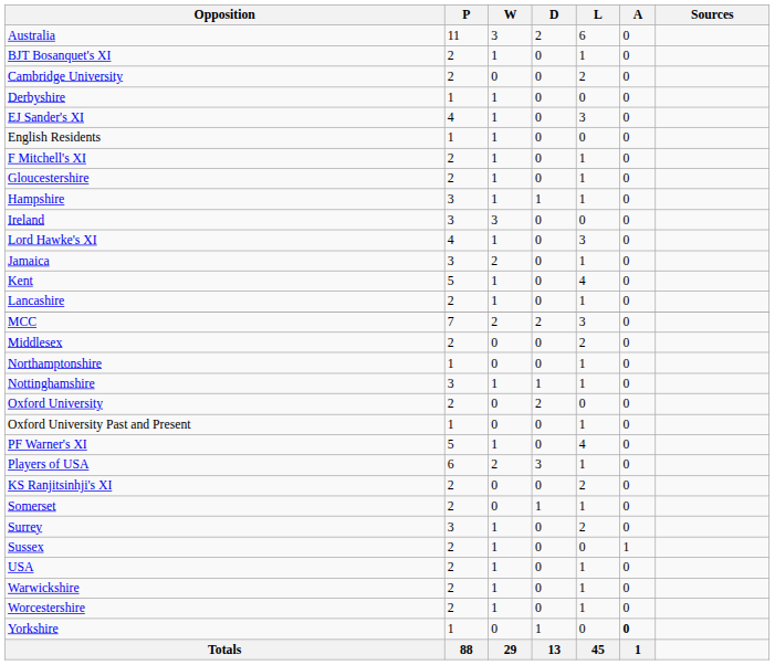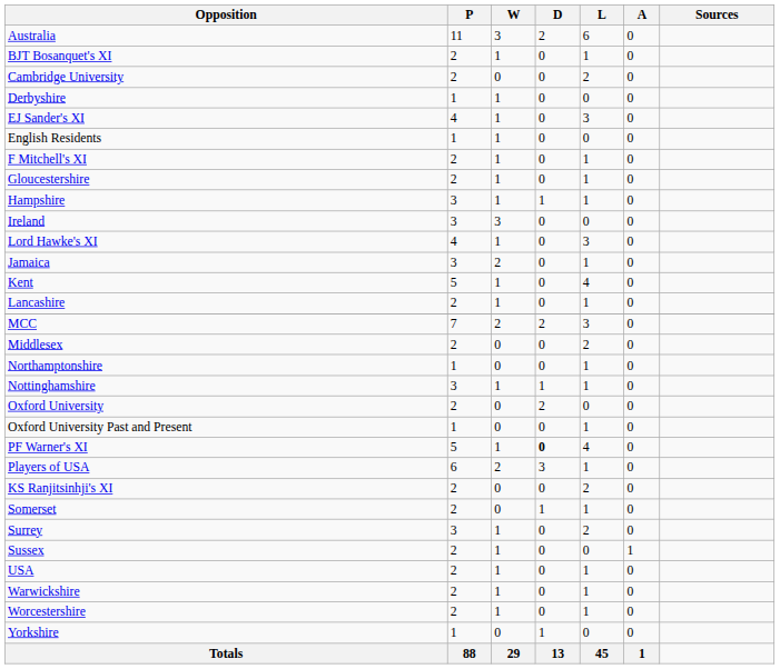 <table class="wikitable" width="75%">
 <tr bgcolor="#efefef">
 <th>Opposition</th>
 <th>P</th>
 <th>W</th>
 <th>D</th>
 <th>L</th>
 <th>A</th>
 <th>Sources</th>
 </tr>
 <tr>
 <td><a href='#'>Australia</a></td>
 <td>11</td>
 <td>3</td>
 <td>2</td>
 <td>6</td>
 <td>0</td>
 <td>          </td>
 </tr>
 <tr>
 <td><a href='#'>BJT Bosanquet's XI</a></td>
 <td>2</td>
 <td>1</td>
 <td>0</td>
 <td>1</td>
 <td>0</td>
 <td> </td>
 </tr>
 <tr>
 <td><a href='#'>Cambridge University</a></td>
 <td>2</td>
 <td>0</td>
 <td>0</td>
 <td>2</td>
 <td>0</td>
 <td> </td>
 </tr>
 <tr>
 <td><a href='#'>Derbyshire</a></td>
 <td>1</td>
 <td>1</td>
 <td>0</td>
 <td>0</td>
 <td>0</td>
 <td></td>
 </tr>
 <tr>
 <td><a href='#'>EJ Sander's XI</a></td>
 <td>4</td>
 <td>1</td>
 <td>0</td>
 <td>3</td>
 <td>0</td>
 <td>   </td>
 </tr>
 <tr>
 <td>English Residents</td>
 <td>1</td>
 <td>1</td>
 <td>0</td>
 <td>0</td>
 <td>0</td>
 <td></td>
 </tr>
 <tr>
 <td><a href='#'>F Mitchell's XI</a></td>
 <td>2</td>
 <td>1</td>
 <td>0</td>
 <td>1</td>
 <td>0</td>
 <td> </td>
 </tr>
 <tr>
 <td><a href='#'>Gloucestershire</a></td>
 <td>2</td>
 <td>1</td>
 <td>0</td>
 <td>1</td>
 <td>0</td>
 <td> </td>
 </tr>
 <tr>
 <td><a href='#'>Hampshire</a></td>
 <td>3</td>
 <td>1</td>
 <td>1</td>
 <td>1</td>
 <td>0</td>
 <td>  </td>
 </tr>
 <tr>
 <td><a href='#'>Ireland</a></td>
 <td>3</td>
 <td>3</td>
 <td>0</td>
 <td>0</td>
 <td>0</td>
 <td>  </td>
 </tr>
 <tr>
 <td><a href='#'>Lord Hawke's XI</a></td>
 <td>4</td>
 <td>1</td>
 <td>0</td>
 <td>3</td>
 <td>0</td>
 <td>   </td>
 </tr>
 <tr>
 <td><a href='#'>Jamaica</a></td>
 <td>3</td>
 <td>2</td>
 <td>0</td>
 <td>1</td>
 <td>0</td>
 <td>  </td>
 </tr>
 <tr>
 <td><a href='#'>Kent</a></td>
 <td>5</td>
 <td>1</td>
 <td>0</td>
 <td>4</td>
 <td>0</td>
 <td>    </td>
 </tr>
 <tr>
 <td><a href='#'>Lancashire</a></td>
 <td>2</td>
 <td>1</td>
 <td>0</td>
 <td>1</td>
 <td>0</td>
 <td> </td>
 </tr>
 <tr>
 </tr>
 <tr>
 <td><a href='#'>MCC</a></td>
 <td>7</td>
 <td>2</td>
 <td>2</td>
 <td>3</td>
 <td>0</td>
 <td>      </td>
 </tr>
 <tr>
 <td><a href='#'>Middlesex</a></td>
 <td>2</td>
 <td>0</td>
 <td>0</td>
 <td>2</td>
 <td>0</td>
 <td> </td>
 </tr>
 <tr>
 <td><a href='#'>Northamptonshire</a></td>
 <td>1</td>
 <td>0</td>
 <td>0</td>
 <td>1</td>
 <td>0</td>
 <td></td>
 </tr>
 <tr>
 <td><a href='#'>Nottinghamshire</a></td>
 <td>3</td>
 <td>1</td>
 <td>1</td>
 <td>1</td>
 <td>0</td>
 <td>  </td>
 </tr>
 <tr>
 <td><a href='#'>Oxford University</a></td>
 <td>2</td>
 <td>0</td>
 <td>2</td>
 <td>0</td>
 <td>0</td>
 <td> </td>
 </tr>
 <tr>
 <td>Oxford University Past and Present</td>
 <td>1</td>
 <td>0</td>
 <td>0</td>
 <td>1</td>
 <td>0</td>
 <td></td>
 </tr>
 <tr>
 <td><a href='#'>PF Warner's XI</a></td>
 <td>5</td>
 <td>1</td>
-<td>0</td>
+<td><strong>0</strong></td>
 <td>4</td>
 <td>0</td>
 <td>    </td>
 </tr>
 <tr>
 <td><a href='#'>Players of USA</a></td>
 <td>6</td>
 <td>2</td>
 <td>3</td>
 <td>1</td>
 <td>0</td>
 <td>     </td>
 </tr>
 <tr>
 <td><a href='#'>KS Ranjitsinhji's XI</a></td>
 <td>2</td>
 <td>0</td>
 <td>0</td>
 <td>2</td>
 <td>0</td>
 <td> </td>
 </tr>
 <tr>
 <td><a href='#'>Somerset</a></td>
 <td>2</td>
 <td>0</td>
 <td>1</td>
 <td>1</td>
 <td>0</td>
 <td> </td>
 </tr>
 <tr>
 <td><a href='#'>Surrey</a></td>
 <td>3</td>
 <td>1</td>
 <td>0</td>
 <td>2</td>
 <td>0</td>
 <td>  </td>
 </tr>
 <tr>
 <td><a href='#'>Sussex</a></td>
 <td>2</td>
 <td>1</td>
 <td>0</td>
 <td>0</td>
 <td>1</td>
 <td> </td>
 </tr>
 <tr>
 <td><a href='#'>USA</a></td>
 <td>2</td>
 <td>1</td>
 <td>0</td>
 <td>1</td>
 <td>0</td>
 <td> </td>
 </tr>
 <tr>
 <td><a href='#'>Warwickshire</a></td>
 <td>2</td>
 <td>1</td>
 <td>0</td>
 <td>1</td>
 <td>0</td>
 <td> </td>
 </tr>
 <tr>
 <td><a href='#'>Worcestershire</a></td>
 <td>2</td>
 <td>1</td>
 <td>0</td>
 <td>1</td>
 <td>0</td>
 <td> </td>
 </tr>
 <tr>
 <td><a href='#'>Yorkshire</a></td>
 <td>1</td>
 <td>0</td>
 <td>1</td>
 <td>0</td>
-<td><strong>0</strong></td>
+<td>0</td>
 <td></td>
 </tr>
 <tr>
 <th>Totals</th>
 <th>88</th>
 <th>29</th>
 <th>13</th>
 <th>45</th>
 <th>1</th>
 </tr>
 </table>
